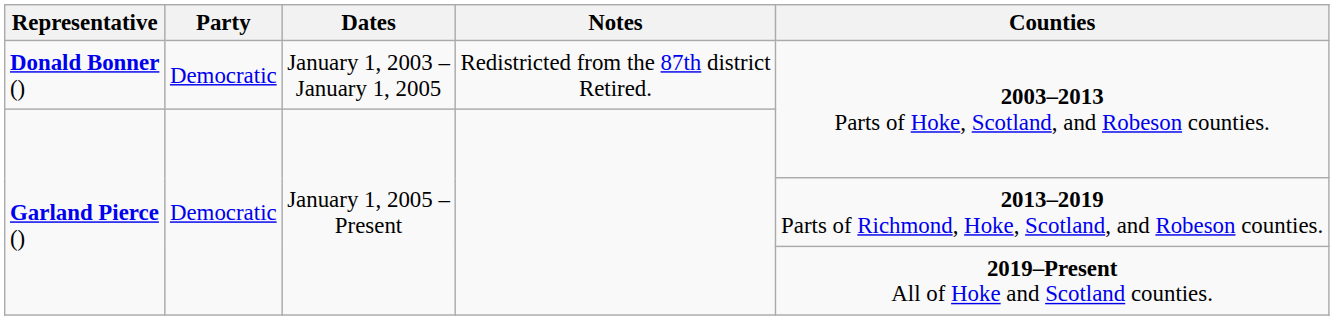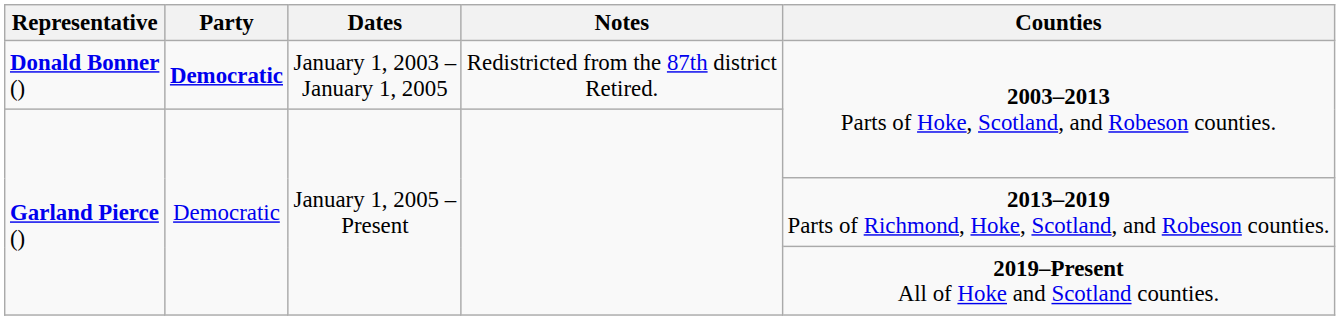 <table class=wikitable style="text-align:center">
 <tr>
 <th>Representative</th>
 <th>Party</th>
 <th>Dates</th>
 <th>Notes</th>
 <th>Counties</th>
 </tr>
 <tr style="height:3em">
 <td align=left><strong><a href='#'>Donald Bonner</a></strong><br>()</td>
-<td><a href='#'>Democratic</a></td>
+<td><strong><a href='#'>Democratic</a></strong></td>
 <td nowrap>January 1, 2003 – <br> January 1, 2005</td>
 <td>Redistricted from the <a href='#'>87th</a> district <br> Retired.</td>
 <td rowspan=2><strong>2003–2013</strong> <br> Parts of <a href='#'>Hoke</a>, <a href='#'>Scotland</a>, and <a href='#'>Robeson</a> counties.</td>
 </tr>
 <tr style="height:3em">
 <td rowspan=3 align=left><br><strong><a href='#'>Garland Pierce</a></strong><br>()</td>
 <td rowspan=3 ><a href='#'>Democratic</a></td>
 <td rowspan=3 nowrap>January 1, 2005 – <br> Present</td>
 <td rowspan=3></td>
 </tr>
 <tr style="height:3em">
 <td><strong>2013–2019</strong> <br> Parts of <a href='#'>Richmond</a>, <a href='#'>Hoke</a>, <a href='#'>Scotland</a>, and <a href='#'>Robeson</a> counties.</td>
 </tr>
 <tr style="height:3em">
 <td><strong>2019–Present</strong> <br> All of <a href='#'>Hoke</a> and <a href='#'>Scotland</a> counties.</td>
 </tr>
 </table>
